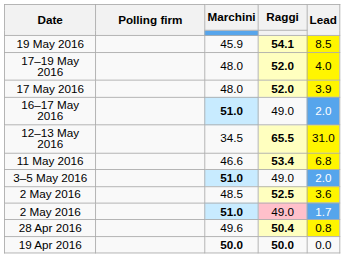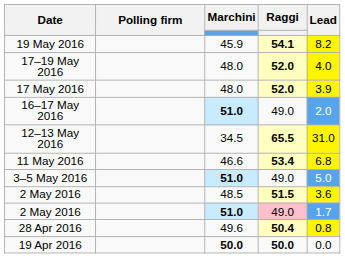 <table class="wikitable collapsible" style="text-align:center;font-size:85%;line-height:13px">
 <tr style="height:30px; background-color:#E9E9E9">
 <th style="width:100px;" rowspan="2">Date</th>
 <th style="width:120px;" rowspan="2">Polling firm</th>
 <th style="width:50px;">Marchini</th>
 <th style="width:50px;">Raggi</th>
 <th style="width:25px;" rowspan="2">Lead</th>
 </tr>
 <tr>
 <th style="background:#56A5EC;"></th>
 <th style="background:"></th>
 </tr>
 <tr>
 <td>19 May 2016</td>
 <td></td>
 <td>45.9</td>
 <td style="background:#FFFFBF"><strong>54.1</strong></td>
-<td style="background:#FFF500; color:black;">8.5</td>
+<td style="background:#FFF500; color:black;">8.2</td>
 </tr>
 <tr>
 <td>17–19 May 2016</td>
 <td></td>
 <td>48.0</td>
 <td style="background:#FFFFBF"><strong>52.0</strong></td>
 <td style="background:#FFF500; color:black;">4.0</td>
 </tr>
 <tr>
 <td>17 May 2016</td>
 <td></td>
 <td>48.0</td>
 <td style="background:#FFFFBF"><strong>52.0</strong></td>
 <td style="background:#FFF500; color:black;">3.9</td>
 </tr>
 <tr>
 <td>16–17 May 2016</td>
 <td></td>
 <td style="background:#C8EBFF"><strong>51.0</strong></td>
 <td>49.0</td>
 <td style="background:#56A5EC; color:white;">2.0</td>
 </tr>
 <tr>
 <td>12–13 May 2016</td>
 <td></td>
 <td>34.5</td>
 <td style="background:#FFFFBF"><strong>65.5</strong></td>
 <td style="background:#FFF500; color:black;">31.0</td>
 </tr>
 <tr>
 <td>11 May 2016</td>
 <td></td>
 <td>46.6</td>
 <td style="background:#FFFFBF"><strong>53.4</strong></td>
 <td style="background:#FFF500; color:black;">6.8</td>
 </tr>
 <tr>
 <td>3–5 May 2016</td>
 <td></td>
 <td style="background:#C8EBFF"><strong>51.0</strong></td>
 <td>49.0</td>
-<td style="background:#56A5EC; color:white;">2.0</td>
+<td style="background:#56A5EC; color:white;">5.0</td>
 </tr>
 <tr>
 <td>2 May 2016</td>
 <td></td>
 <td>48.5</td>
-<td style="background:#FFFFBF"><strong>52.5</strong></td>
+<td style="background:#FFFFBF"><strong>51.5</strong></td>
 <td style="background:#FFF500; color:black;">3.6</td>
 </tr>
 <tr>
 <td>2 May 2016</td>
 <td></td>
 <td style="background:#C8EBFF"><strong>51.0</strong></td>
 <td style="background: pink;">49.0</td>
 <td style="background:#56A5EC; color:white;">1.7</td>
 </tr>
 <tr>
 <td>28 Apr 2016</td>
 <td></td>
 <td>49.6</td>
 <td style="background:#FFFFBF"><strong>50.4</strong></td>
 <td style="background:#FFF500; color:black;">0.8</td>
 </tr>
 <tr>
 <td>19 Apr 2016</td>
 <td></td>
 <td><strong>50.0</strong></td>
 <td><strong>50.0</strong></td>
 <td>0.0</td>
 </tr>
 </table>
